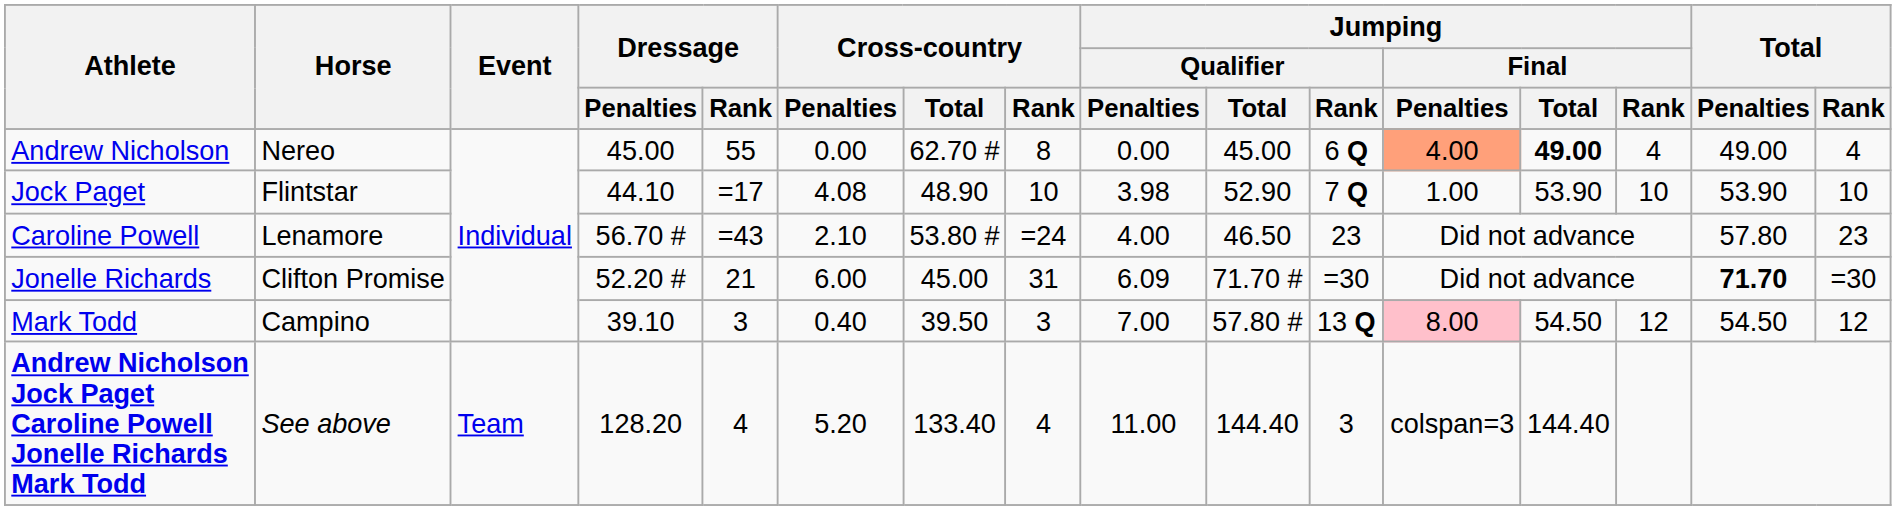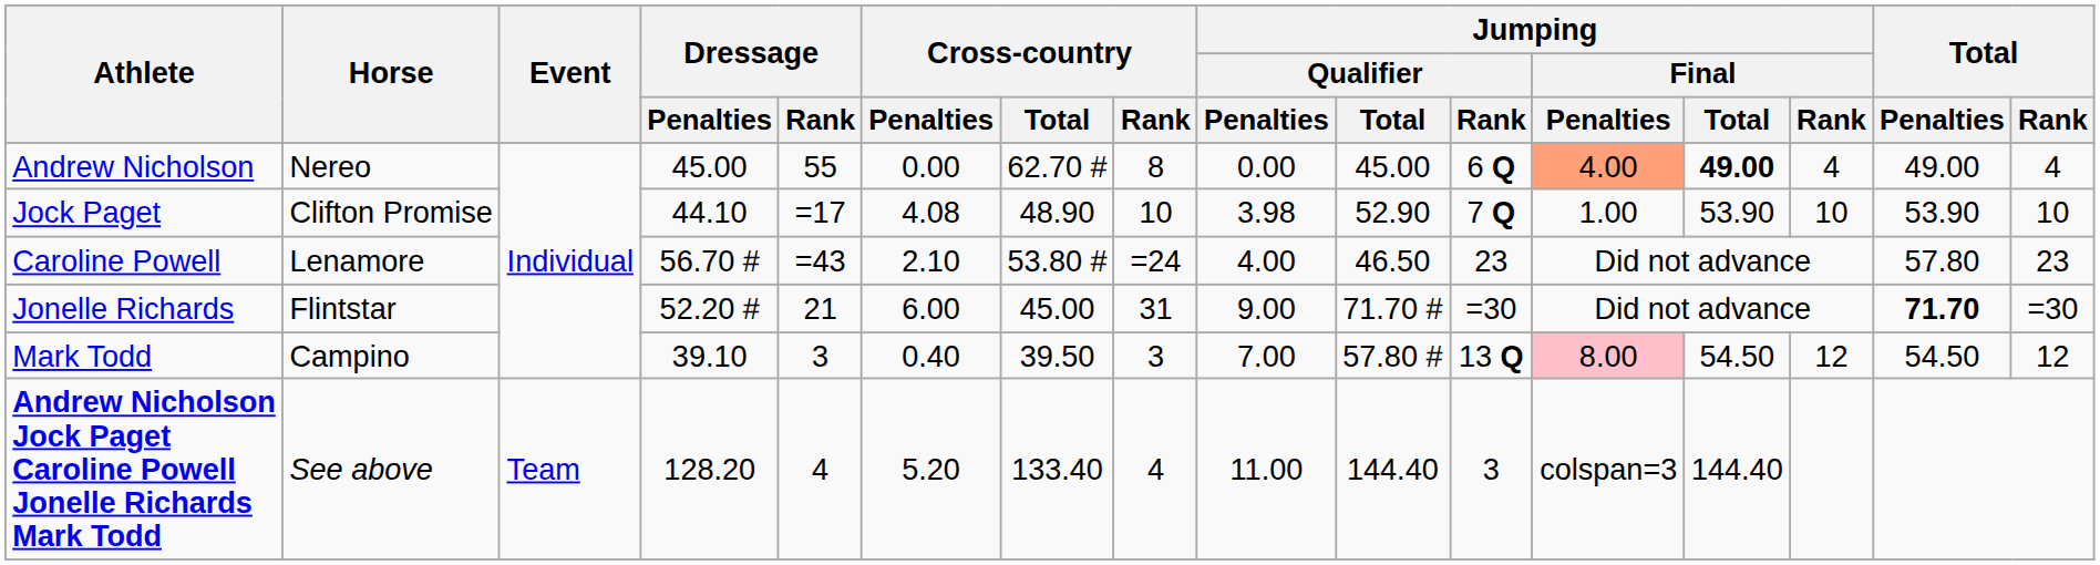 <table class=wikitable style="font-size:90%">
 <tr>
 <th rowspan="3">Athlete</th>
 <th rowspan="3">Horse</th>
 <th rowspan="3">Event</th>
 <th colspan="2" rowspan="2">Dressage</th>
 <th colspan="3" rowspan="2">Cross-country</th>
 <th colspan="6">Jumping</th>
 <th colspan="2" rowspan="2">Total</th>
 </tr>
 <tr style="font-size:95%">
 <th colspan="3">Qualifier</th>
 <th colspan="3">Final</th>
 </tr>
 <tr style="font-size:95%">
 <th>Penalties</th>
 <th>Rank</th>
 <th>Penalties</th>
 <th>Total</th>
 <th>Rank</th>
 <th>Penalties</th>
 <th>Total</th>
 <th>Rank</th>
 <th>Penalties</th>
 <th>Total</th>
 <th>Rank</th>
 <th>Penalties</th>
 <th>Rank</th>
 </tr>
 <tr align=center>
 <td align=left><a href='#'>Andrew Nicholson</a></td>
 <td align=left>Nereo</td>
 <td align=left rowspan=5><a href='#'>Individual</a></td>
 <td>45.00</td>
 <td>55</td>
 <td>0.00</td>
 <td>62.70 #</td>
 <td>8</td>
 <td>0.00</td>
 <td>45.00</td>
 <td>6 <strong>Q</strong></td>
 <td style="background: lightsalmon;">4.00</td>
 <td><strong>49.00</strong></td>
 <td>4</td>
 <td>49.00</td>
 <td>4</td>
 </tr>
 <tr align=center>
 <td align=left><a href='#'>Jock Paget</a></td>
-<td align=left>Flintstar</td>
+<td align=left>Clifton Promise</td>
 <td>44.10</td>
 <td>=17</td>
 <td>4.08</td>
 <td>48.90</td>
 <td>10</td>
 <td>3.98</td>
 <td>52.90</td>
 <td>7 <strong>Q</strong></td>
 <td>1.00</td>
 <td>53.90</td>
 <td>10</td>
 <td>53.90</td>
 <td>10</td>
 </tr>
 <tr align=center>
 <td align=left><a href='#'>Caroline Powell</a></td>
 <td align=left>Lenamore</td>
 <td>56.70 #</td>
 <td>=43</td>
 <td>2.10</td>
 <td>53.80 #</td>
 <td>=24</td>
 <td>4.00</td>
 <td>46.50</td>
 <td>23</td>
 <td colspan=3>Did not advance</td>
 <td>57.80</td>
 <td>23</td>
 </tr>
 <tr align=center>
 <td align=left><a href='#'>Jonelle Richards</a></td>
-<td align=left>Clifton Promise</td>
+<td align=left>Flintstar</td>
 <td>52.20 #</td>
 <td>21</td>
 <td>6.00</td>
 <td>45.00</td>
 <td>31</td>
-<td>6.09</td>
+<td>9.00</td>
 <td>71.70 #</td>
 <td>=30</td>
 <td colspan=3>Did not advance</td>
 <td><strong>71.70</strong></td>
 <td>=30</td>
 </tr>
 <tr align=center>
 <td align=left><a href='#'>Mark Todd</a></td>
 <td align=left>Campino</td>
 <td>39.10</td>
 <td>3</td>
 <td>0.40</td>
 <td>39.50</td>
 <td>3</td>
 <td>7.00</td>
 <td>57.80 #</td>
 <td>13 <strong>Q</strong></td>
 <td style="background: pink;">8.00</td>
 <td>54.50</td>
 <td>12</td>
 <td>54.50</td>
 <td>12</td>
 </tr>
 <tr align=center>
 <td align=left><strong><a href='#'>Andrew Nicholson</a><br><a href='#'>Jock Paget</a><br><a href='#'>Caroline Powell</a><br><a href='#'>Jonelle Richards</a><br><a href='#'>Mark Todd</a></strong></td>
 <td align=left><em>See above</em></td>
 <td align=left><a href='#'>Team</a></td>
 <td>128.20</td>
 <td>4</td>
 <td>5.20</td>
 <td>133.40</td>
 <td>4</td>
 <td>11.00</td>
 <td>144.40</td>
 <td>3</td>
 <td>colspan=3 </td>
 <td>144.40</td>
 <td></td>
 </tr>
 </table>
